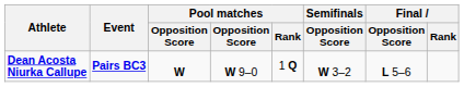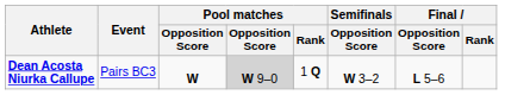 <table class=wikitable style="font-size:90%">
 <tr>
 <th rowspan="2">Athlete</th>
 <th rowspan="2">Event</th>
 <th colspan="3">Pool matches</th>
 <th>Semifinals</th>
 <th colspan=2>Final / </th>
 </tr>
 <tr style="font-size:95%">
 <th>Opposition<br>Score</th>
 <th>Opposition<br>Score</th>
 <th>Rank</th>
 <th>Opposition<br>Score</th>
 <th>Opposition<br>Score</th>
 <th>Rank</th>
 </tr>
 <tr align=center>
 <td align=left><strong><a href='#'>Dean Acosta</a><br><a href='#'>Niurka Callupe</a></strong></td>
-<td align=left><strong><a href='#'>Pairs BC3</a></strong></td>
+<td align=left><a href='#'>Pairs BC3</a></td>
 <td><br><strong>W</strong> </td>
-<td><br><strong>W</strong> 9–0</td>
+<td style="background: lightgrey;"><br><strong>W</strong> 9–0</td>
 <td>1 <strong>Q</strong></td>
 <td><br><strong>W</strong> 3–2</td>
 <td><br><strong>L</strong> 5–6</td>
 <td></td>
 </tr>
 </table>
